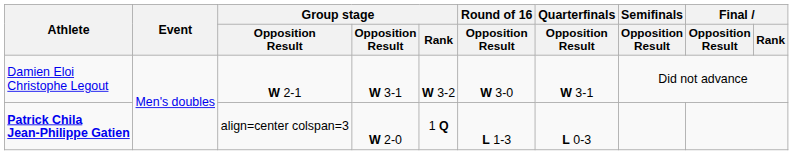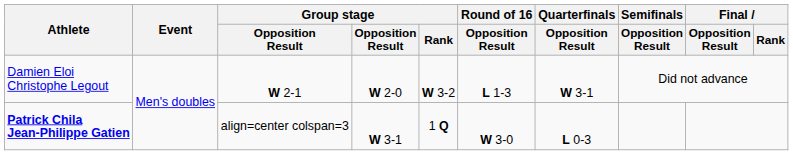 <table class="wikitable" style="font-size:90%">
 <tr>
 <th rowspan="2">Athlete</th>
 <th rowspan="2">Event</th>
 <th colspan=3>Group stage</th>
 <th>Round of 16</th>
 <th>Quarterfinals</th>
 <th>Semifinals</th>
 <th colspan=2>Final / </th>
 </tr>
 <tr style="font-size:95%">
 <th>Opposition<br>Result</th>
 <th>Opposition<br>Result</th>
 <th>Rank</th>
 <th>Opposition<br>Result</th>
 <th>Opposition<br>Result</th>
 <th>Opposition<br>Result</th>
 <th>Opposition<br>Result</th>
 <th>Rank</th>
 </tr>
 <tr>
 <td align=left><a href='#'>Damien Eloi</a><br> <a href='#'>Christophe Legout</a></td>
 <td align=left rowspan=2><a href='#'>Men's doubles</a></td>
 <td align=center><br> <br><strong>W</strong> 2-1</td>
-<td align=center><br> <br><strong>W</strong> 3-1</td>
+<td align=center><br> <br><strong>W</strong> 2-0</td>
 <td align=center><br> <br><strong>W</strong> 3-2</td>
-<td align=center><br> <br><strong>W</strong> 3-0</td>
+<td align=center><br> <br><strong>L</strong> 1-3</td>
 <td align=center><br> <br><strong>W</strong> 3-1</td>
 <td align=center colspan=3>Did not advance</td>
 </tr>
 <tr>
 <td align=left><strong><a href='#'>Patrick Chila</a></strong><br> <strong><a href='#'>Jean-Philippe Gatien</a></strong></td>
 <td>align=center colspan=3 </td>
-<td align=center><br> <br><strong>W</strong> 2-0</td>
+<td align=center><br> <br><strong>W</strong> 3-1</td>
 <td align=center>1 <strong>Q</strong></td>
-<td align=center><br> <br><strong>L</strong> 1-3</td>
+<td align=center><br> <br><strong>W</strong> 3-0</td>
 <td align=center><br> <br><strong>L</strong> 0-3</td>
 <td align=center></td>
 </tr>
 </table>
